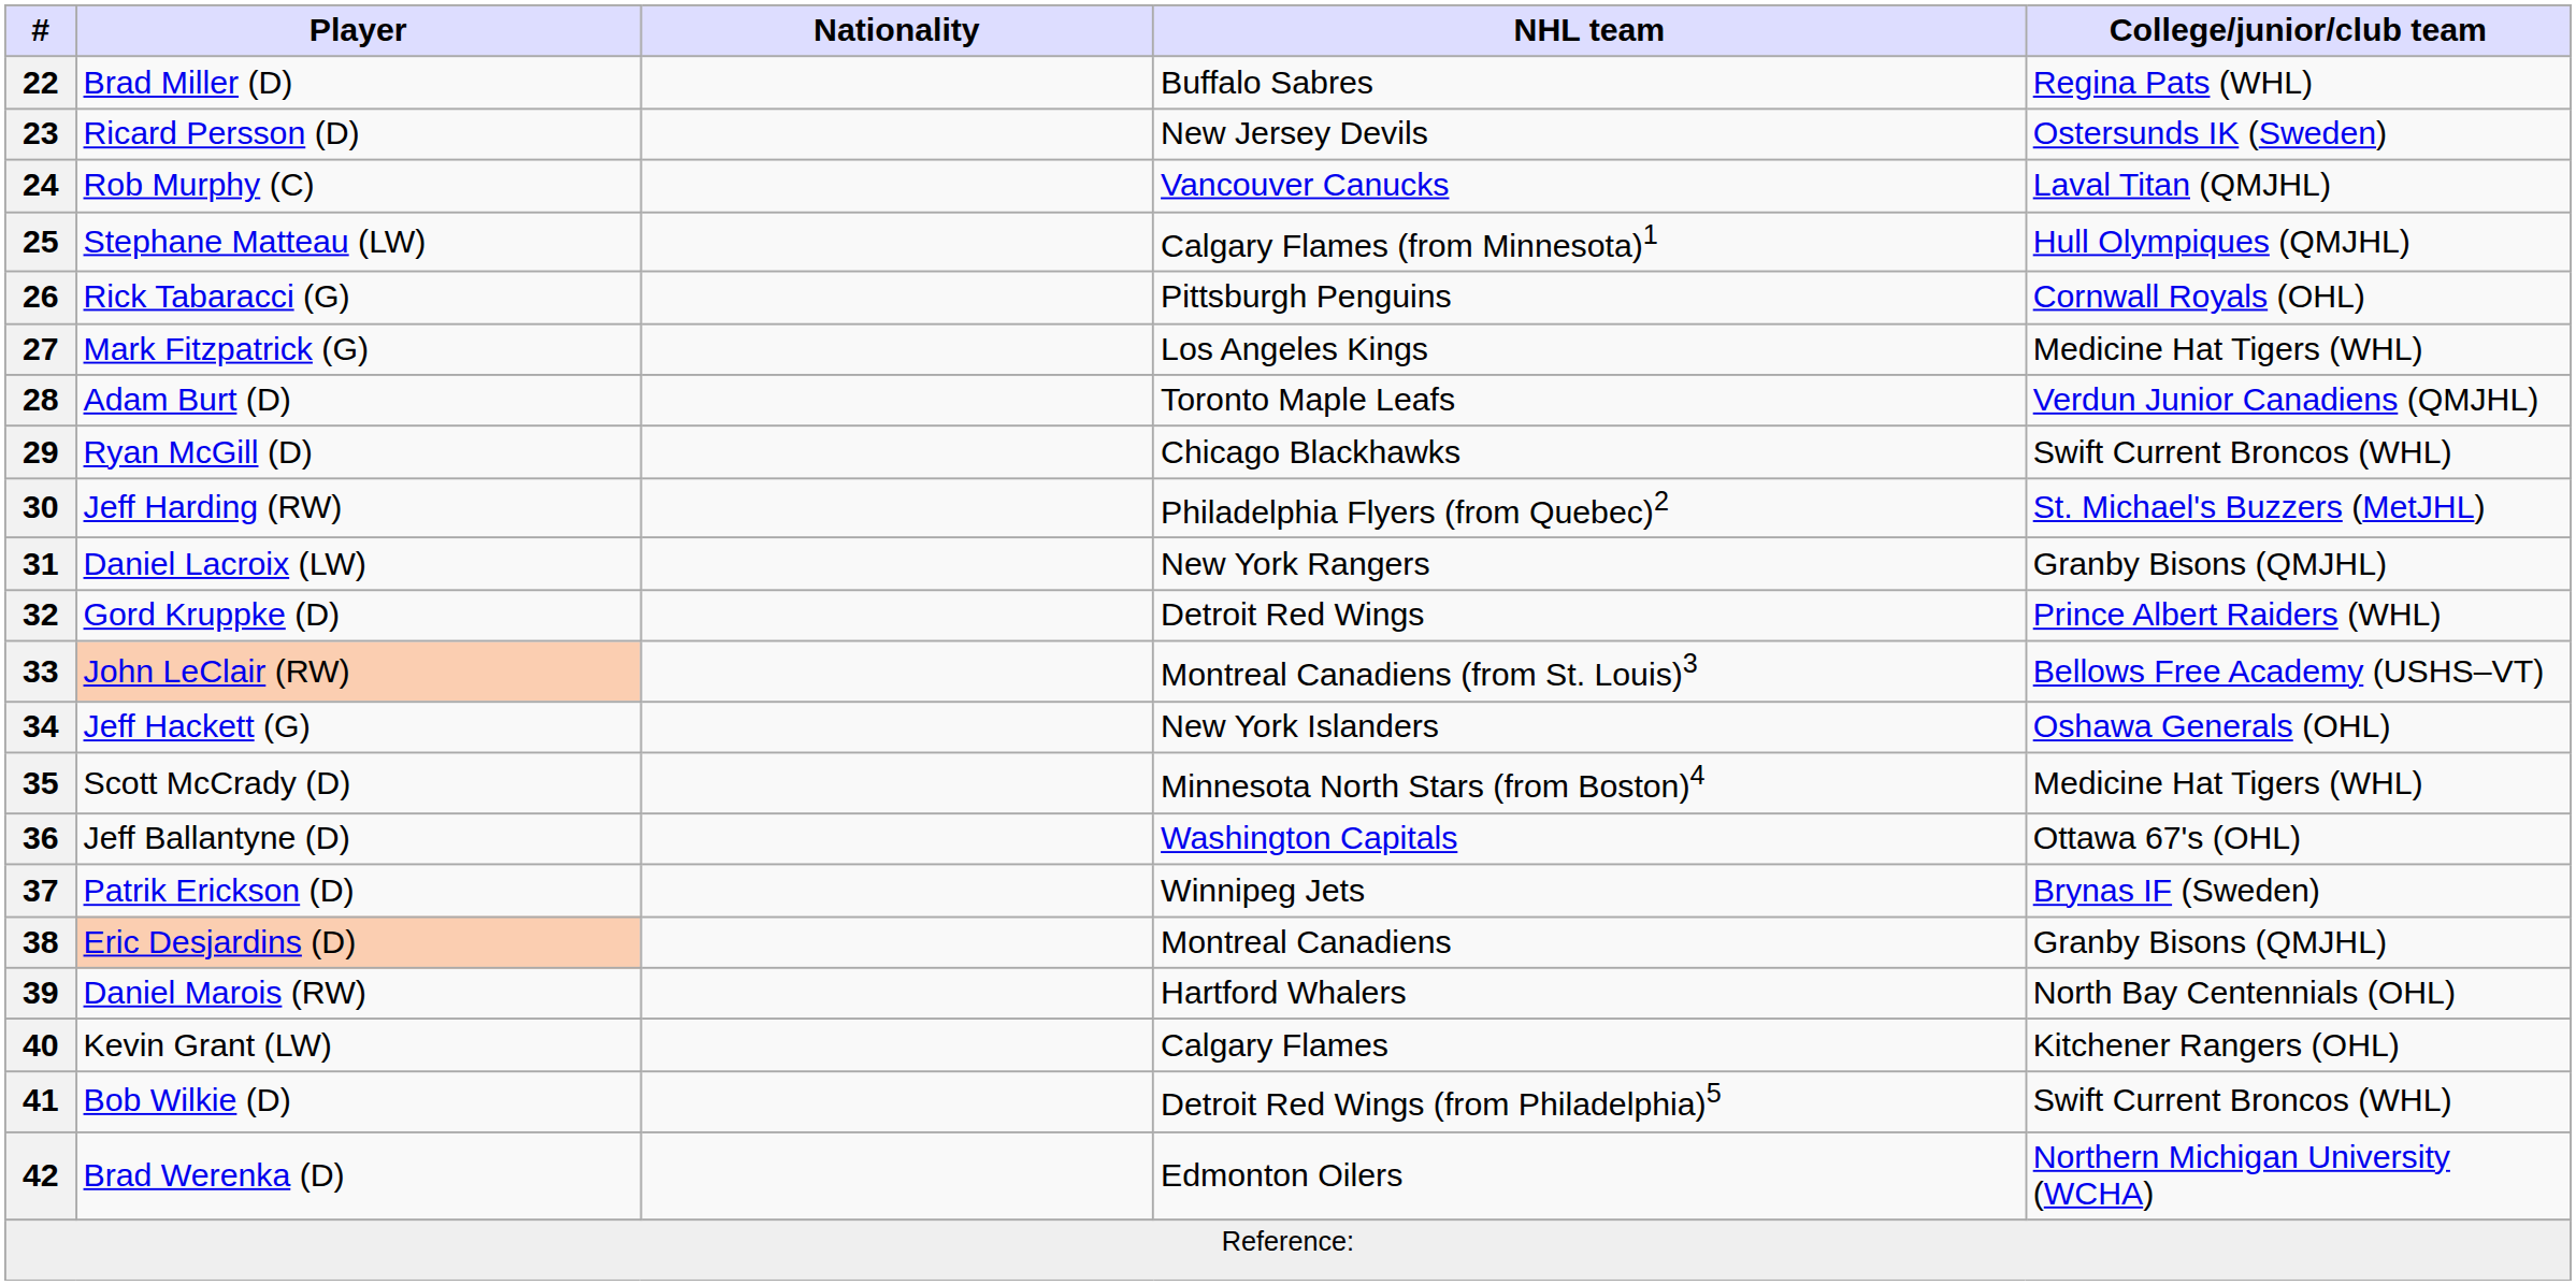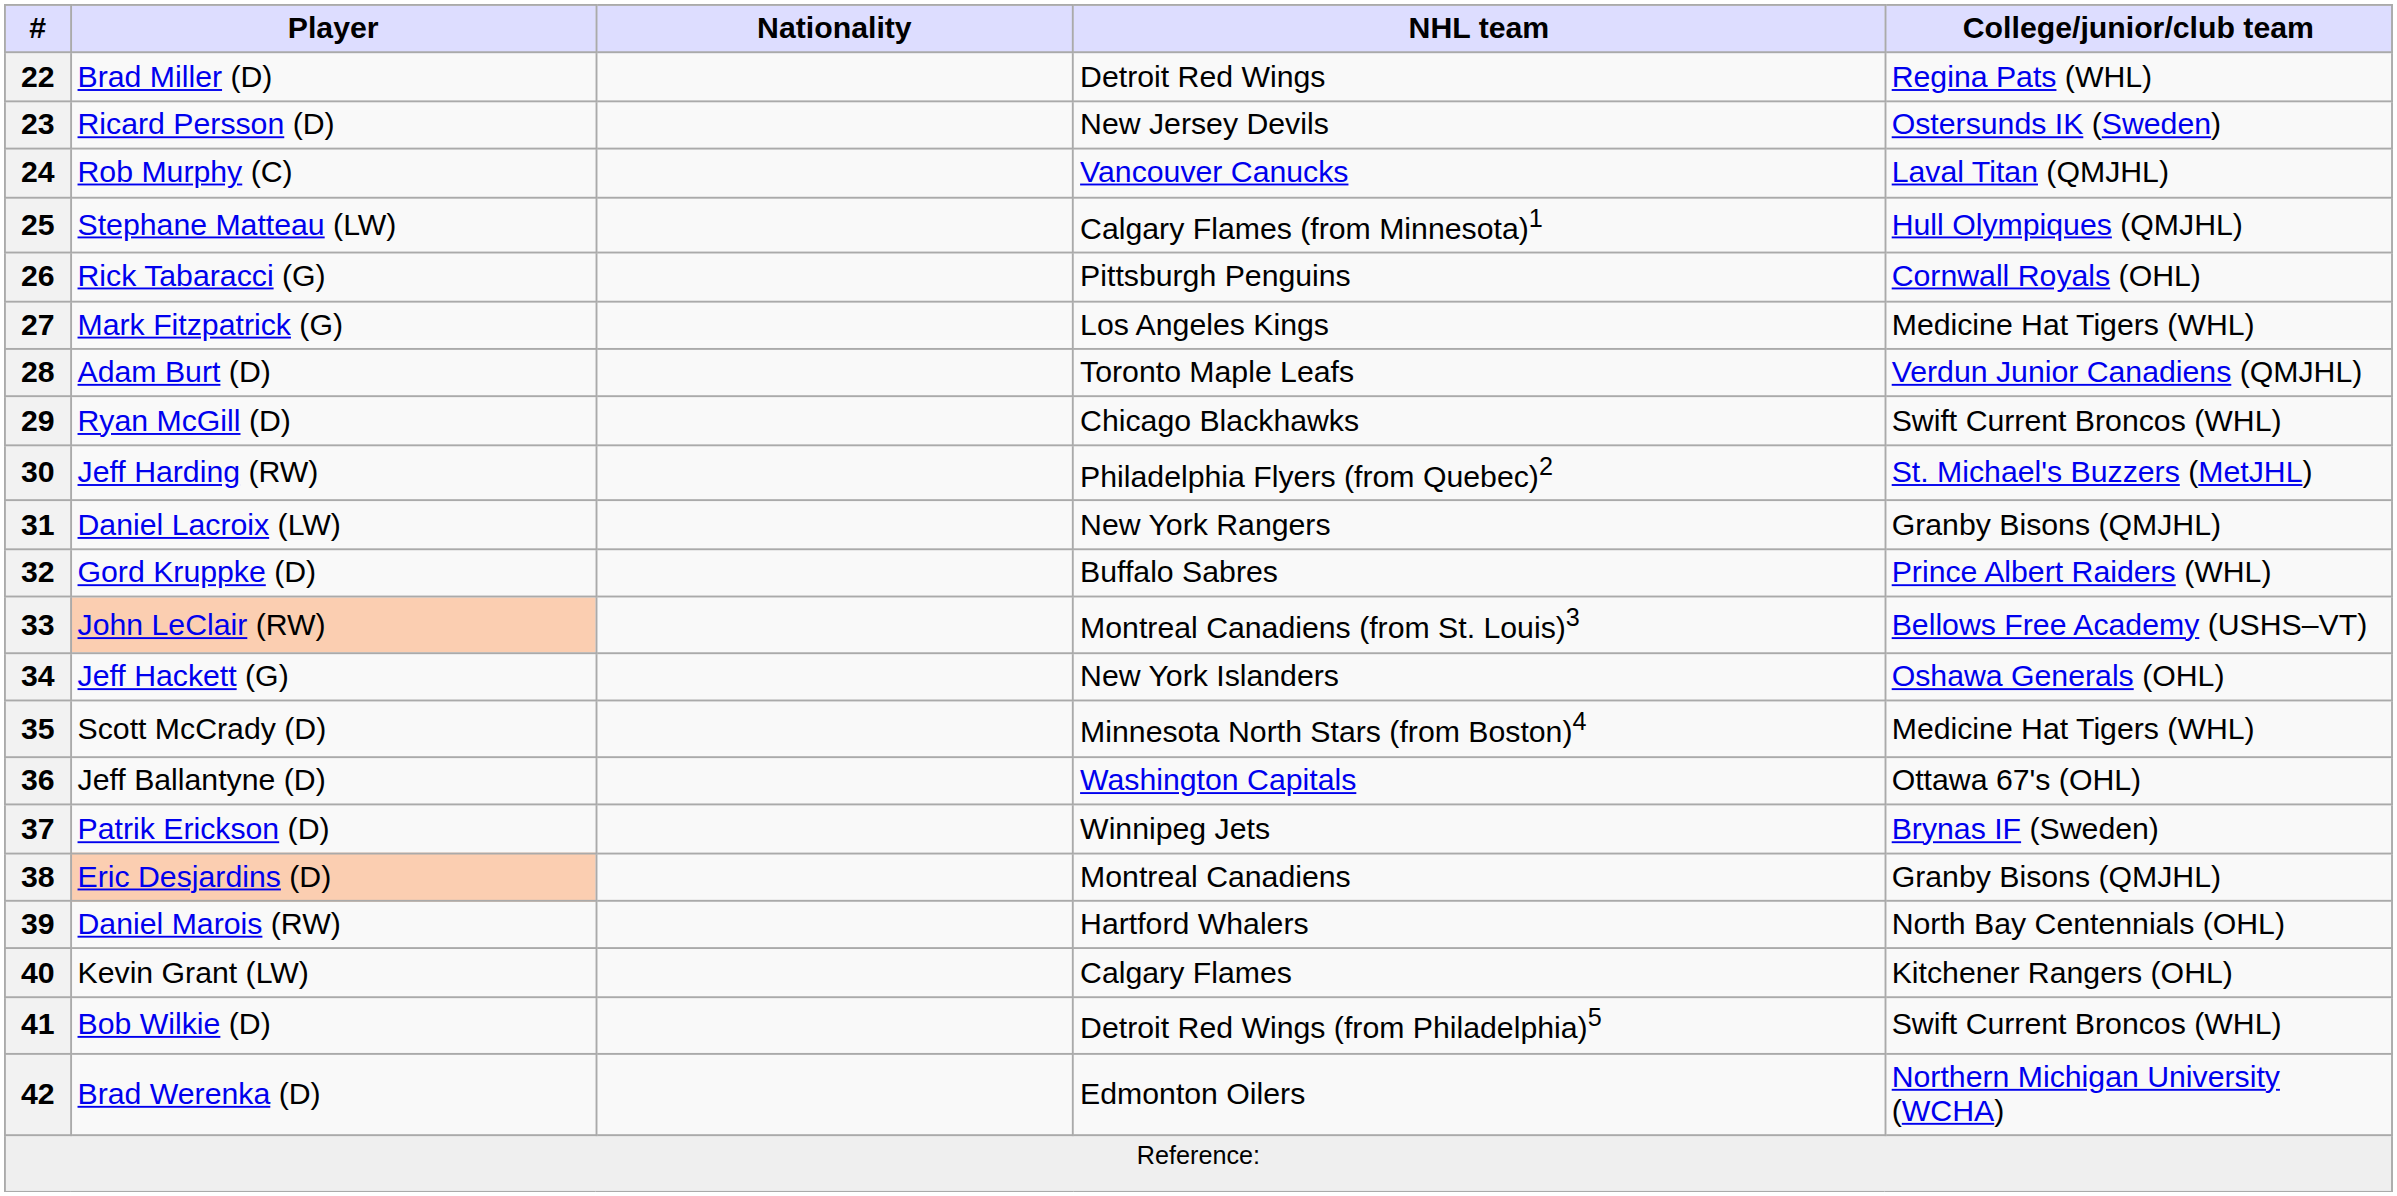 <table class="wikitable" style="width: 100%">
 <tr>
 <th style="background:#ddf; width:2.75%;">#</th>
 <th style="background:#ddf; width:22.0%;">Player</th>
 <th style="background:#ddf; width:20.0%;">Nationality</th>
 <th style="background:#ddf; width:34.0%;">NHL team</th>
 <th style="background:#ddf; width:100.0%;">College/junior/club team</th>
 </tr>
 <tr>
 <th>22</th>
 <td><a href='#'>Brad Miller</a> (D)</td>
 <td></td>
-<td>Buffalo Sabres</td>
+<td>Detroit Red Wings</td>
 <td><a href='#'>Regina Pats</a> (WHL)</td>
 </tr>
 <tr>
 <th>23</th>
 <td><a href='#'>Ricard Persson</a> (D)</td>
 <td></td>
 <td>New Jersey Devils</td>
 <td><a href='#'>Ostersunds IK</a> (<a href='#'>Sweden</a>)</td>
 </tr>
 <tr>
 <th>24</th>
 <td><a href='#'>Rob Murphy</a> (C)</td>
 <td></td>
 <td><a href='#'>Vancouver Canucks</a></td>
 <td><a href='#'>Laval Titan</a> (QMJHL)</td>
 </tr>
 <tr>
 <th>25</th>
 <td><a href='#'>Stephane Matteau</a> (LW)</td>
 <td></td>
 <td>Calgary Flames (from Minnesota)<sup>1</sup></td>
 <td><a href='#'>Hull Olympiques</a> (QMJHL)</td>
 </tr>
 <tr>
 <th>26</th>
 <td><a href='#'>Rick Tabaracci</a> (G)</td>
 <td></td>
 <td>Pittsburgh Penguins</td>
 <td><a href='#'>Cornwall Royals</a> (OHL)</td>
 </tr>
 <tr>
 <th>27</th>
 <td><a href='#'>Mark Fitzpatrick</a> (G)</td>
 <td></td>
 <td>Los Angeles Kings</td>
 <td>Medicine Hat Tigers (WHL)</td>
 </tr>
 <tr>
 <th>28</th>
 <td><a href='#'>Adam Burt</a> (D)</td>
 <td></td>
 <td>Toronto Maple Leafs</td>
 <td><a href='#'>Verdun Junior Canadiens</a> (QMJHL)</td>
 </tr>
 <tr>
 <th>29</th>
 <td><a href='#'>Ryan McGill</a> (D)</td>
 <td></td>
 <td>Chicago Blackhawks</td>
 <td>Swift Current Broncos (WHL)</td>
 </tr>
 <tr>
 <th>30</th>
 <td><a href='#'>Jeff Harding</a> (RW)</td>
 <td></td>
 <td>Philadelphia Flyers (from Quebec)<sup>2</sup></td>
 <td><a href='#'>St. Michael's Buzzers</a> (<a href='#'>MetJHL</a>)</td>
 </tr>
 <tr>
 <th>31</th>
 <td><a href='#'>Daniel Lacroix</a> (LW)</td>
 <td></td>
 <td>New York Rangers</td>
 <td>Granby Bisons (QMJHL)</td>
 </tr>
 <tr>
 <th>32</th>
 <td><a href='#'>Gord Kruppke</a> (D)</td>
 <td></td>
-<td>Detroit Red Wings</td>
+<td>Buffalo Sabres</td>
 <td><a href='#'>Prince Albert Raiders</a> (WHL)</td>
 </tr>
 <tr>
 <th>33</th>
 <td bgcolor="#FBCEB1"><a href='#'>John LeClair</a> (RW)</td>
 <td></td>
 <td>Montreal Canadiens (from St. Louis)<sup>3</sup></td>
 <td><a href='#'>Bellows Free Academy</a> (USHS–VT)</td>
 </tr>
 <tr>
 <th>34</th>
 <td><a href='#'>Jeff Hackett</a> (G)</td>
 <td></td>
 <td>New York Islanders</td>
 <td><a href='#'>Oshawa Generals</a> (OHL)</td>
 </tr>
 <tr>
 <th>35</th>
 <td>Scott McCrady (D)</td>
 <td></td>
 <td>Minnesota North Stars (from Boston)<sup>4</sup></td>
 <td>Medicine Hat Tigers (WHL)</td>
 </tr>
 <tr>
 <th>36</th>
 <td>Jeff Ballantyne (D)</td>
 <td></td>
 <td><a href='#'>Washington Capitals</a></td>
 <td>Ottawa 67's (OHL)</td>
 </tr>
 <tr>
 <th>37</th>
 <td><a href='#'>Patrik Erickson</a> (D)</td>
 <td></td>
 <td>Winnipeg Jets</td>
 <td><a href='#'>Brynas IF</a> (Sweden)</td>
 </tr>
 <tr>
 <th>38</th>
 <td bgcolor="#FBCEB1"><a href='#'>Eric Desjardins</a> (D)</td>
 <td></td>
 <td>Montreal Canadiens</td>
 <td>Granby Bisons (QMJHL)</td>
 </tr>
 <tr>
 <th>39</th>
 <td><a href='#'>Daniel Marois</a> (RW)</td>
 <td></td>
 <td>Hartford Whalers</td>
 <td>North Bay Centennials (OHL)</td>
 </tr>
 <tr>
 <th>40</th>
 <td>Kevin Grant (LW)</td>
 <td></td>
 <td>Calgary Flames</td>
 <td>Kitchener Rangers (OHL)</td>
 </tr>
 <tr>
 <th>41</th>
 <td><a href='#'>Bob Wilkie</a> (D)</td>
 <td></td>
 <td>Detroit Red Wings (from Philadelphia)<sup>5</sup></td>
 <td>Swift Current Broncos (WHL)</td>
 </tr>
 <tr>
 <th>42</th>
 <td><a href='#'>Brad Werenka</a> (D)</td>
 <td></td>
 <td>Edmonton Oilers</td>
 <td><a href='#'>Northern Michigan University</a> (<a href='#'>WCHA</a>)</td>
 </tr>
 <tr>
 <td align=center colspan="6" bgcolor="#efefef"><sup>Reference:  </sup></td>
 </tr>
 </table>
